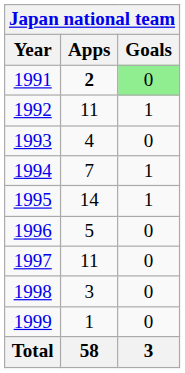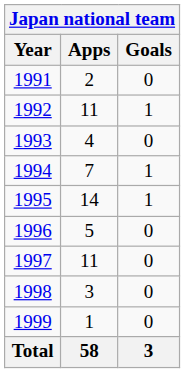 <table class="wikitable" style="text-align:center">
 <tr>
 <th colspan=3><a href='#'>Japan national team</a></th>
 </tr>
 <tr>
 <th>Year</th>
 <th>Apps</th>
 <th>Goals</th>
 </tr>
 <tr>
 <td><a href='#'>1991</a></td>
-<td><strong>2</strong></td>
-<td style="background: lightgreen;">0</td>
+<td>2</td>
+<td>0</td>
 </tr>
 <tr>
 <td><a href='#'>1992</a></td>
 <td>11</td>
 <td>1</td>
 </tr>
 <tr>
 <td><a href='#'>1993</a></td>
 <td>4</td>
 <td>0</td>
 </tr>
 <tr>
 <td><a href='#'>1994</a></td>
 <td>7</td>
 <td>1</td>
 </tr>
 <tr>
 <td><a href='#'>1995</a></td>
 <td>14</td>
 <td>1</td>
 </tr>
 <tr>
 <td><a href='#'>1996</a></td>
 <td>5</td>
 <td>0</td>
 </tr>
 <tr>
 <td><a href='#'>1997</a></td>
 <td>11</td>
 <td>0</td>
 </tr>
 <tr>
 <td><a href='#'>1998</a></td>
 <td>3</td>
 <td>0</td>
 </tr>
 <tr>
 <td><a href='#'>1999</a></td>
 <td>1</td>
 <td>0</td>
 </tr>
 <tr>
 <th>Total</th>
 <th>58</th>
 <th>3</th>
 </tr>
 </table>
